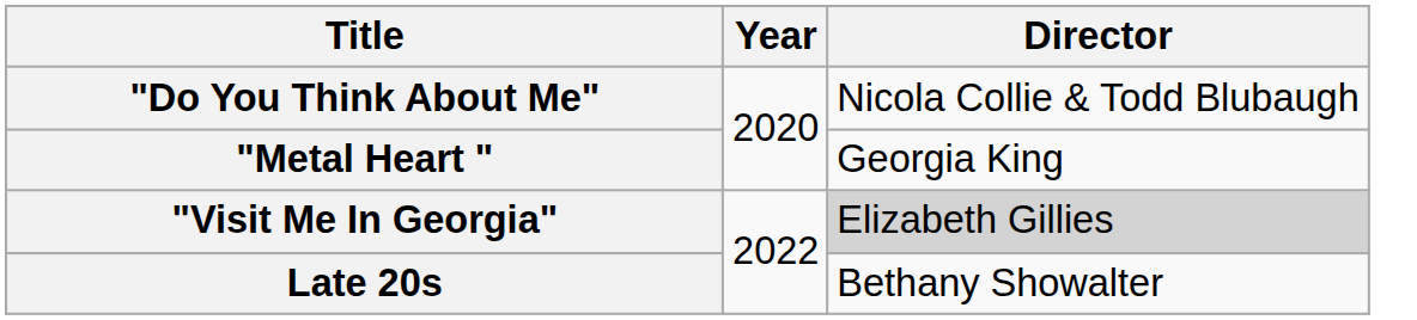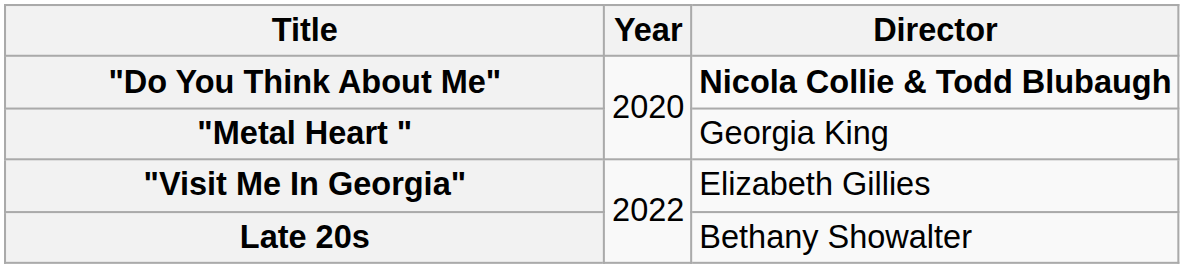 <table class="wikitable plainrowheaders" border="1">
 <tr>
 <th scope="col" style="width:18em;">Title</th>
 <th scope="col">Year</th>
 <th scope="col">Director</th>
 </tr>
 <tr>
 <th scope="row">"Do You Think About Me"</th>
 <td rowspan="2">2020</td>
-<td>Nicola Collie & Todd Blubaugh</td>
+<td><strong>Nicola Collie & Todd Blubaugh</strong></td>
 </tr>
 <tr>
 <th scope="row">"Metal Heart "</th>
 <td>Georgia King</td>
 </tr>
 <tr>
 <th scope="row">"Visit Me In Georgia"</th>
 <td rowspan="2">2022</td>
-<td style="background: lightgrey;">Elizabeth Gillies</td>
+<td>Elizabeth Gillies</td>
 </tr>
 <tr>
 <th scope="row">Late 20s</th>
 <td>Bethany Showalter</td>
 </tr>
 </table>
